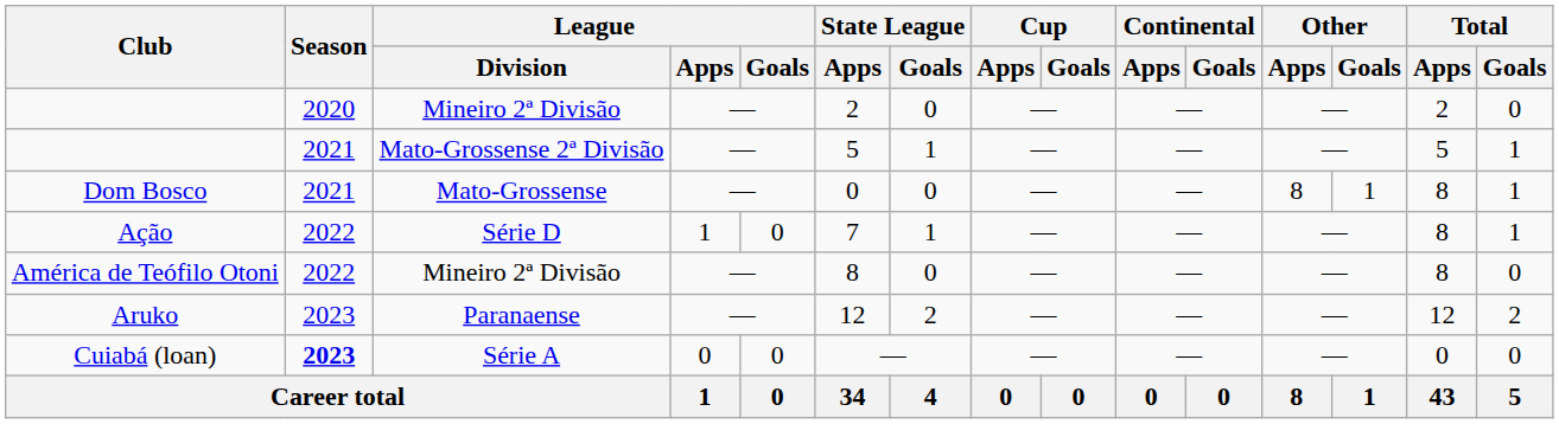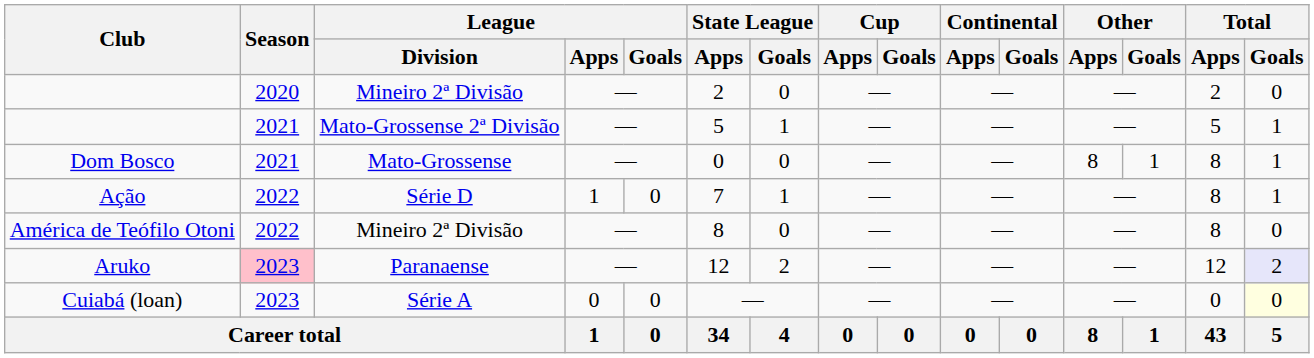 <table class="wikitable" style="text-align: center;">
 <tr>
 <th rowspan="2">Club</th>
 <th rowspan="2">Season</th>
 <th colspan="3">League</th>
 <th colspan="2">State League</th>
 <th colspan="2">Cup</th>
 <th colspan="2">Continental</th>
 <th colspan="2">Other</th>
 <th colspan="2">Total</th>
 </tr>
 <tr>
 <th>Division</th>
 <th>Apps</th>
 <th>Goals</th>
 <th>Apps</th>
 <th>Goals</th>
 <th>Apps</th>
 <th>Goals</th>
 <th>Apps</th>
 <th>Goals</th>
 <th>Apps</th>
 <th>Goals</th>
 <th>Apps</th>
 <th>Goals</th>
 </tr>
 <tr>
 <td valign="center"></td>
 <td><a href='#'>2020</a></td>
 <td><a href='#'>Mineiro 2ª Divisão</a></td>
 <td colspan="2">—</td>
 <td>2</td>
 <td>0</td>
 <td colspan="2">—</td>
 <td colspan="2">—</td>
 <td colspan="2">—</td>
 <td>2</td>
 <td>0</td>
 </tr>
 <tr>
 <td valign="center"></td>
 <td><a href='#'>2021</a></td>
 <td><a href='#'>Mato-Grossense 2ª Divisão</a></td>
 <td colspan="2">—</td>
 <td>5</td>
 <td>1</td>
 <td colspan="2">—</td>
 <td colspan="2">—</td>
 <td colspan="2">—</td>
 <td>5</td>
 <td>1</td>
 </tr>
 <tr>
 <td valign="center"><a href='#'>Dom Bosco</a></td>
 <td><a href='#'>2021</a></td>
 <td><a href='#'>Mato-Grossense</a></td>
 <td colspan="2">—</td>
 <td>0</td>
 <td>0</td>
 <td colspan="2">—</td>
 <td colspan="2">—</td>
 <td>8</td>
 <td>1</td>
 <td>8</td>
 <td>1</td>
 </tr>
 <tr>
 <td valign="center"><a href='#'>Ação</a></td>
 <td><a href='#'>2022</a></td>
 <td><a href='#'>Série D</a></td>
 <td>1</td>
 <td>0</td>
 <td>7</td>
 <td>1</td>
 <td colspan="2">—</td>
 <td colspan="2">—</td>
 <td colspan="2">—</td>
 <td>8</td>
 <td>1</td>
 </tr>
 <tr>
 <td valign="center"><a href='#'>América de Teófilo Otoni</a></td>
 <td><a href='#'>2022</a></td>
 <td>Mineiro 2ª Divisão</td>
 <td colspan="2">—</td>
 <td>8</td>
 <td>0</td>
 <td colspan="2">—</td>
 <td colspan="2">—</td>
 <td colspan="2">—</td>
 <td>8</td>
 <td>0</td>
 </tr>
 <tr>
 <td valign="center"><a href='#'>Aruko</a></td>
-<td><a href='#'>2023</a></td>
+<td style="background: pink;"><a href='#'>2023</a></td>
 <td><a href='#'>Paranaense</a></td>
 <td colspan="2">—</td>
 <td>12</td>
 <td>2</td>
 <td colspan="2">—</td>
 <td colspan="2">—</td>
 <td colspan="2">—</td>
 <td>12</td>
-<td>2</td>
+<td style="background: lavender;">2</td>
 </tr>
 <tr>
 <td valign="center"><a href='#'>Cuiabá</a> (loan)</td>
-<td><strong><a href='#'>2023</a></strong></td>
+<td><a href='#'>2023</a></td>
 <td><a href='#'>Série A</a></td>
 <td>0</td>
 <td>0</td>
 <td colspan="2">—</td>
 <td colspan="2">—</td>
 <td colspan="2">—</td>
 <td colspan="2">—</td>
 <td>0</td>
-<td>0</td>
+<td style="background: lightyellow;">0</td>
 </tr>
 <tr>
 <th colspan="3"><strong>Career total</strong></th>
 <th>1</th>
 <th>0</th>
 <th>34</th>
 <th>4</th>
 <th>0</th>
 <th>0</th>
 <th>0</th>
 <th>0</th>
 <th>8</th>
 <th>1</th>
 <th>43</th>
 <th>5</th>
 </tr>
 </table>
